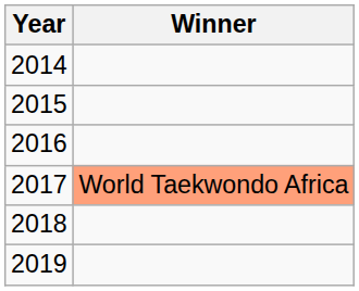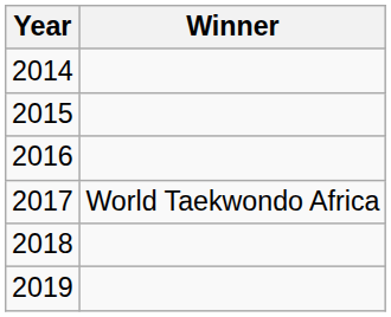 <table class="wikitable">
 <tr>
 <th>Year</th>
 <th>Winner</th>
 </tr>
 <tr>
 <td>2014</td>
 <td></td>
 </tr>
 <tr>
 <td>2015</td>
 <td></td>
 </tr>
 <tr>
 <td>2016</td>
 <td></td>
 </tr>
 <tr>
 <td>2017</td>
-<td style="background: lightsalmon;"> World Taekwondo Africa</td>
+<td> World Taekwondo Africa</td>
 </tr>
 <tr>
 <td>2018</td>
 <td></td>
 </tr>
 <tr>
 <td>2019</td>
 <td></td>
 </tr>
 </table>
